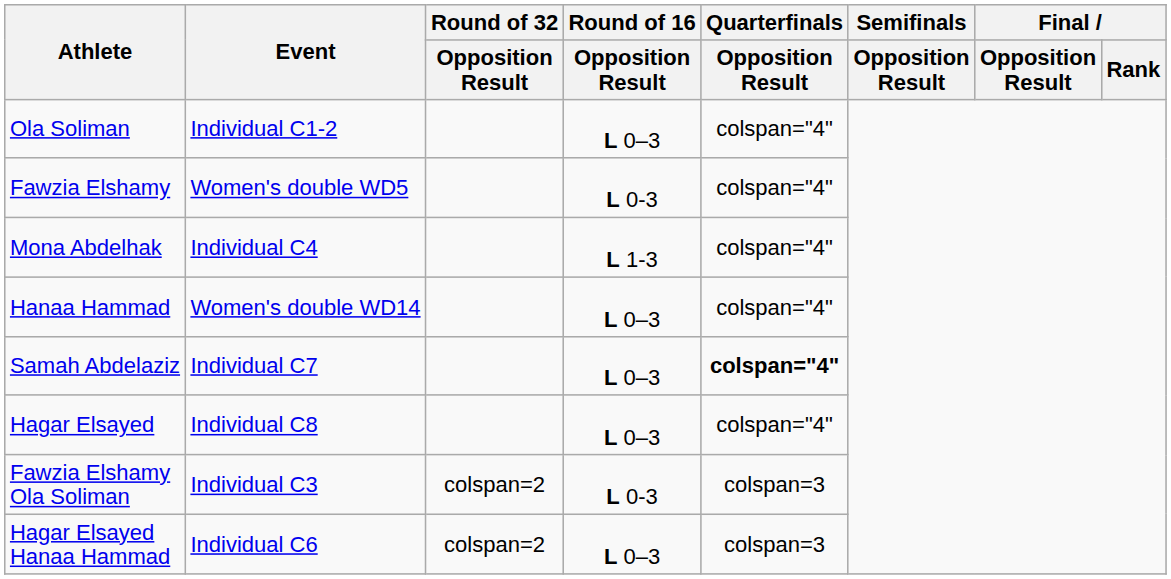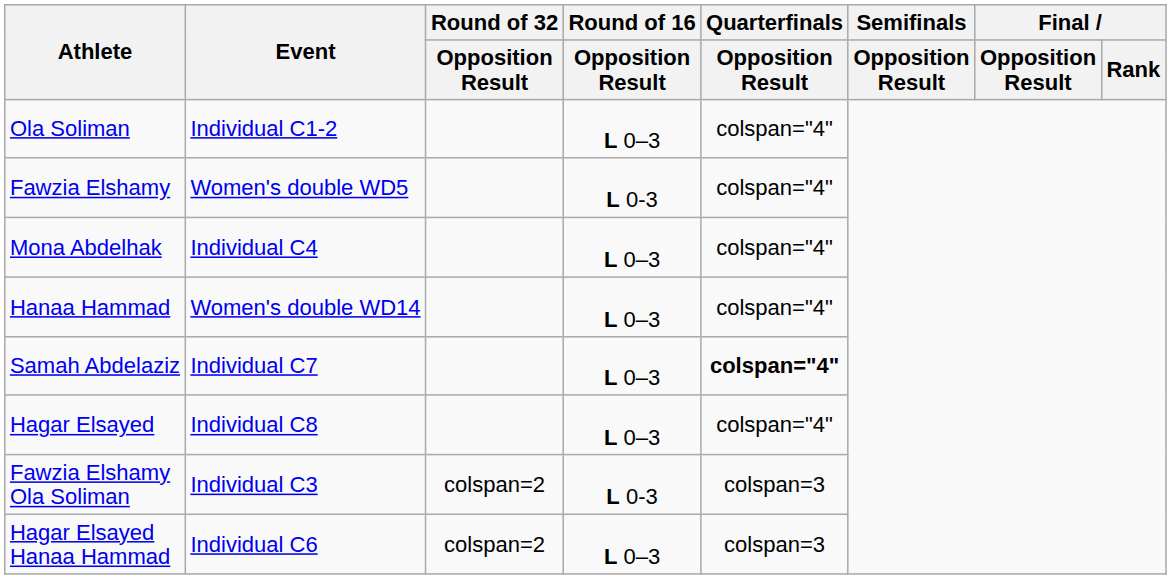 <table class=wikitable style="font-size:90%">
 <tr style="text-align:center">
 <th rowspan="2">Athlete</th>
 <th rowspan="2">Event</th>
 <th>Round of 32</th>
 <th>Round of 16</th>
 <th>Quarterfinals</th>
 <th>Semifinals</th>
 <th colspan="2">Final / </th>
 </tr>
 <tr>
 <th>Opposition<br>Result</th>
 <th>Opposition<br>Result</th>
 <th>Opposition<br>Result</th>
 <th>Opposition<br>Result</th>
 <th>Opposition<br>Result</th>
 <th>Rank</th>
 </tr>
 <tr style="text-align:center">
 <td style="text-align:left"><a href='#'>Ola Soliman</a></td>
 <td style="text-align:left"><a href='#'>Individual C1-2</a></td>
 <td></td>
 <td><br><strong>L</strong> 0–3</td>
 <td>colspan="4" </td>
 </tr>
 <tr style="text-align:center">
 <td style="text-align:left"><a href='#'>Fawzia Elshamy</a></td>
 <td style="text-align:left"><a href='#'>Women's double WD5</a></td>
 <td></td>
 <td><br><strong>L</strong> 0-3</td>
 <td>colspan="4" </td>
 </tr>
 <tr style="text-align:center">
 <td style="text-align:left"><a href='#'>Mona Abdelhak</a></td>
 <td style="text-align:left"><a href='#'>Individual C4</a></td>
 <td></td>
-<td><br><strong>L</strong> 1-3</td>
+<td><br><strong>L</strong> 0–3</td>
 <td>colspan="4" </td>
 </tr>
 <tr style="text-align:center">
 <td style="text-align:left"><a href='#'>Hanaa Hammad</a></td>
 <td style="text-align:left"><a href='#'>Women's double WD14</a></td>
 <td></td>
 <td><br><strong>L</strong> 0–3</td>
 <td>colspan="4" </td>
 </tr>
 <tr style="text-align:center">
 <td style="text-align:left"><a href='#'>Samah Abdelaziz</a></td>
 <td style="text-align:left"><a href='#'>Individual C7</a></td>
 <td></td>
 <td><br><strong>L</strong> 0–3</td>
 <td><strong>colspan="4" </strong></td>
 </tr>
 <tr style="text-align:center">
 <td style="text-align:left"><a href='#'>Hagar Elsayed</a></td>
 <td style="text-align:left"><a href='#'>Individual C8</a></td>
 <td></td>
 <td><br><strong>L</strong> 0–3</td>
 <td>colspan="4" </td>
 </tr>
 <tr style="text-align:center">
 <td style="text-align:left"><a href='#'>Fawzia Elshamy</a><br><a href='#'>Ola Soliman</a></td>
 <td style="text-align:left"><a href='#'>Individual C3</a></td>
 <td>colspan=2 </td>
 <td><br><strong>L</strong> 0-3</td>
 <td>colspan=3 </td>
 </tr>
 <tr style="text-align:center">
 <td style="text-align:left"><a href='#'>Hagar Elsayed</a><br><a href='#'>Hanaa Hammad</a></td>
 <td style="text-align:left"><a href='#'>Individual C6</a></td>
 <td>colspan=2 </td>
 <td><br><strong>L</strong> 0–3</td>
 <td>colspan=3 </td>
 </tr>
 </table>
